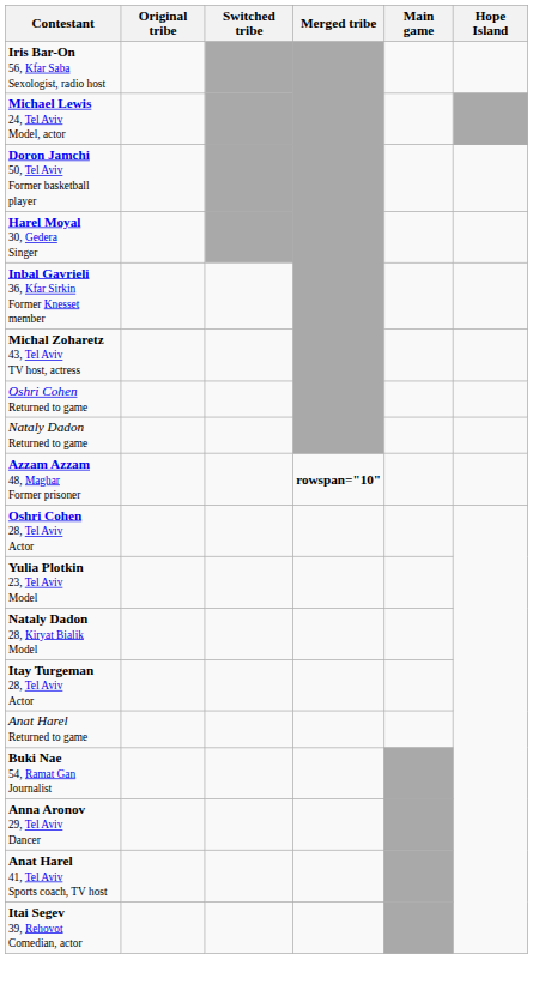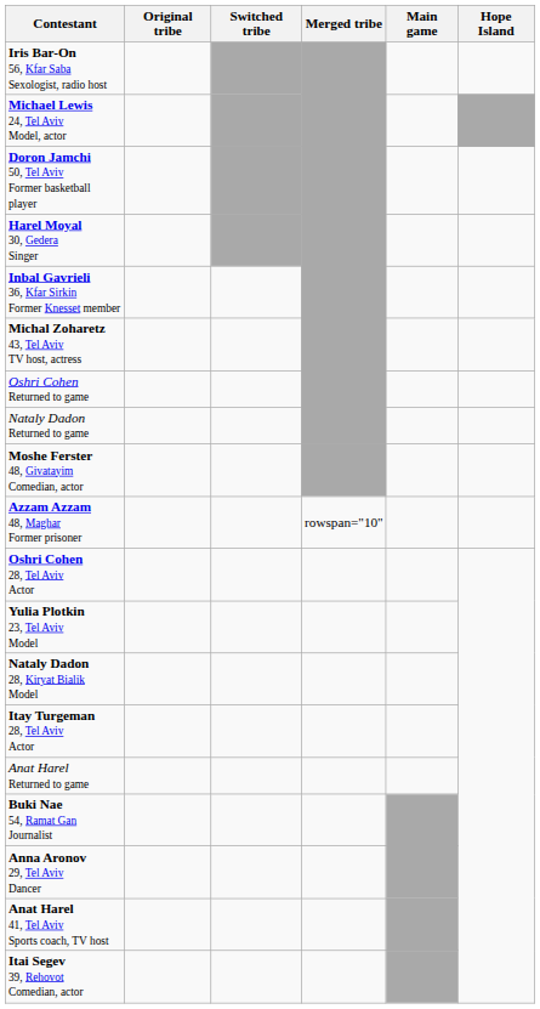 <table class="wikitable sortable" style="margin:auto; text-align:center">
 <tr>
 <th>Contestant</th>
 <th>Original tribe</th>
 <th>Switched tribe</th>
 <th>Merged tribe</th>
 <th>Main game</th>
 <th>Hope Island</th>
 </tr>
 <tr>
 <td align="left"><strong>Iris Bar-On</strong><br><small>56, <a href='#'>Kfar Saba</a><br>Sexologist, radio host</small></td>
 <td></td>
 <td bgcolor="darkgrey"></td>
 <td rowspan=8 bgcolor=darkgray></td>
 <td></td>
 <td></td>
 </tr>
 <tr>
 <td align="left"><strong><a href='#'>Michael Lewis</a></strong><br><small>24, <a href='#'>Tel Aviv</a><br>Model, actor</small></td>
 <td></td>
 <td bgcolor="darkgrey"></td>
 <td></td>
 <td bgcolor="darkgrey"></td>
 </tr>
 <tr>
 <td align="left"><strong><a href='#'>Doron Jamchi</a></strong><br><small>50, <a href='#'>Tel Aviv</a><br>Former basketball player</small></td>
 <td></td>
 <td bgcolor="darkgrey"></td>
 <td></td>
 <td></td>
 </tr>
 <tr>
 <td align="left"><strong><a href='#'>Harel Moyal</a></strong><br><small>30, <a href='#'>Gedera</a><br>Singer</small></td>
 <td></td>
 <td bgcolor="darkgrey"></td>
 <td></td>
 <td></td>
 </tr>
 <tr>
 <td align="left"><strong><a href='#'>Inbal Gavrieli</a></strong><br><small>36, <a href='#'>Kfar Sirkin</a><br>Former <a href='#'>Knesset</a> member</small></td>
 <td></td>
 <td></td>
 <td></td>
 <td></td>
 </tr>
 <tr>
 <td align="left"><strong>Michal Zoharetz</strong><br><small>43, <a href='#'>Tel Aviv</a><br>TV host, actress</small></td>
 <td></td>
 <td></td>
 <td></td>
 <td></td>
 </tr>
 <tr>
 <td align="left"><em><a href='#'>Oshri Cohen</a></em><br><small>Returned to game</small></td>
 <td></td>
 <td></td>
 <td></td>
 <td></td>
 </tr>
 <tr>
 <td align="left"><em>Nataly Dadon</em><br><small>Returned to game</small></td>
 <td></td>
 <td></td>
 <td></td>
 <td></td>
 </tr>
 <tr>
+<td align="left"><strong>Moshe Ferster</strong><br><small>48, <a href='#'>Givatayim</a><br>Comedian, actor</small></td>
+<td></td>
+<td></td>
+<td bgcolor="darkgrey"></td>
+<td></td>
+<td></td>
+</tr>
+<tr>
 <td align="left"><strong><a href='#'>Azzam Azzam</a></strong><br><small>48, <a href='#'>Maghar</a><br>Former prisoner</small></td>
 <td></td>
 <td></td>
-<td><strong>rowspan="10" </strong></td>
+<td>rowspan="10" </td>
 <td></td>
 <td></td>
 </tr>
 <tr>
 <td align="left"><strong><a href='#'>Oshri Cohen</a></strong><br><small>28, <a href='#'>Tel Aviv</a><br>Actor</small></td>
 <td></td>
 <td></td>
 <td></td>
 <td></td>
 </tr>
 <tr>
 <td align="left"><strong>Yulia Plotkin</strong><br><small>23, <a href='#'>Tel Aviv</a><br>Model</small></td>
 <td></td>
 <td></td>
 <td></td>
 <td></td>
 </tr>
 <tr>
 <td align="left"><strong>Nataly Dadon</strong><br><small>28, <a href='#'>Kiryat Bialik</a><br>Model</small></td>
 <td></td>
 <td></td>
 <td></td>
 <td></td>
 </tr>
 <tr>
 <td align="left"><strong>Itay Turgeman</strong><br><small>28, <a href='#'>Tel Aviv</a><br>Actor</small></td>
 <td></td>
 <td></td>
 <td></td>
 <td></td>
 </tr>
 <tr>
 <td align="left"><em>Anat Harel</em><br><small>Returned to game</small></td>
 <td></td>
 <td></td>
 <td></td>
 <td></td>
 </tr>
 <tr>
 <td align="left"><strong>Buki Nae</strong><br><small>54, <a href='#'>Ramat Gan</a><br>Journalist</small></td>
 <td></td>
 <td></td>
 <td></td>
 <td bgcolor="darkgray"></td>
 </tr>
 <tr>
 <td align="left"><strong>Anna Aronov</strong><br><small>29, <a href='#'>Tel Aviv</a><br>Dancer</small></td>
 <td></td>
 <td></td>
 <td></td>
 <td bgcolor="darkgray"></td>
 </tr>
 <tr>
 <td align="left"><strong>Anat Harel</strong><br><small>41, <a href='#'>Tel Aviv</a><br>Sports coach, TV host</small></td>
 <td></td>
 <td></td>
 <td></td>
 <td bgcolor="darkgray"></td>
 </tr>
 <tr>
 <td align="left"><strong>Itai Segev</strong><br><small>39, <a href='#'>Rehovot</a><br>Comedian, actor</small></td>
 <td></td>
 <td></td>
 <td></td>
 <td bgcolor="darkgray"></td>
 </tr>
 </table>
